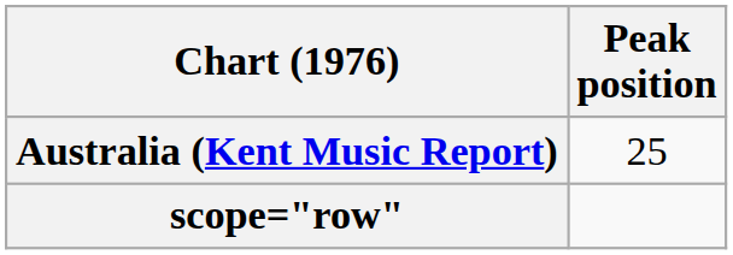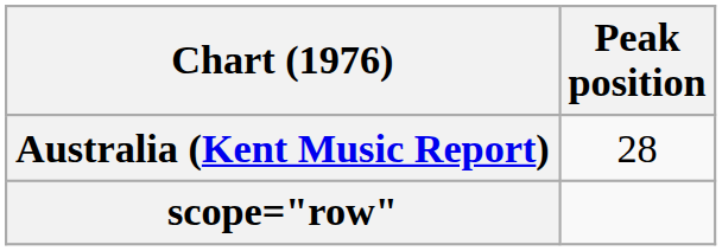 <table class="wikitable sortable plainrowheaders">
 <tr>
 <th scope="col">Chart (1976)</th>
 <th scope="col">Peak<br>position</th>
 </tr>
 <tr>
 <th scope="row">Australia (<a href='#'>Kent Music Report</a>)</th>
-<td style="text-align:center;">25</td>
+<td style="text-align:center;">28</td>
 </tr>
 <tr>
 <th>scope="row"</th>
 </tr>
 </table>
